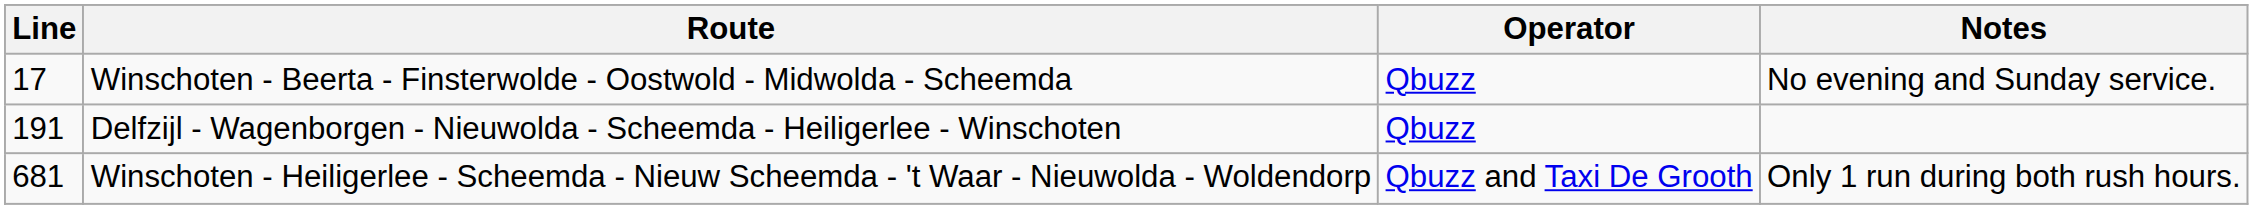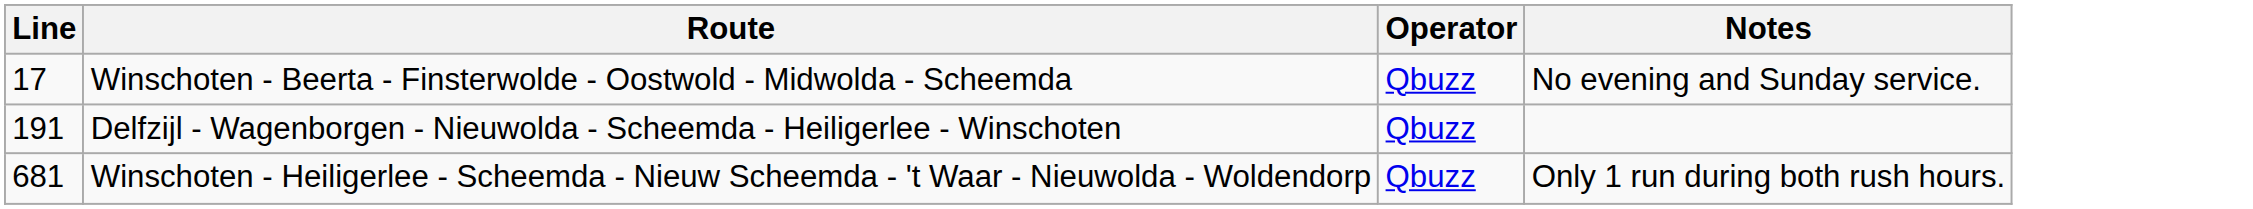 <table class="wikitable">
 <tr>
 <th>Line</th>
 <th>Route</th>
 <th>Operator</th>
 <th>Notes</th>
 </tr>
 <tr>
 <td>17</td>
 <td>Winschoten - Beerta - Finsterwolde - Oostwold - Midwolda - Scheemda</td>
 <td><a href='#'>Qbuzz</a></td>
 <td>No evening and Sunday service.</td>
 </tr>
 <tr>
 <td>191</td>
 <td>Delfzijl - Wagenborgen - Nieuwolda - Scheemda - Heiligerlee - Winschoten</td>
 <td><a href='#'>Qbuzz</a></td>
 <td></td>
 </tr>
 <tr>
 <td>681</td>
 <td>Winschoten - Heiligerlee - Scheemda - Nieuw Scheemda - 't Waar - Nieuwolda - Woldendorp</td>
-<td><a href='#'>Qbuzz</a> and <a href='#'>Taxi De Grooth</a></td>
+<td><a href='#'>Qbuzz</a></td>
 <td>Only 1 run during both rush hours.</td>
 </tr>
 </table>
